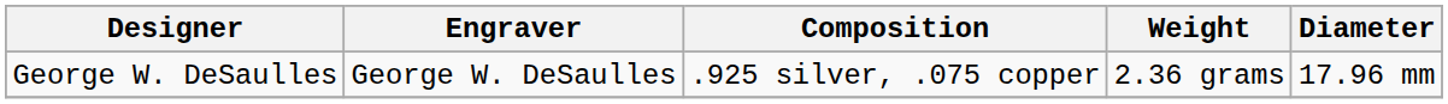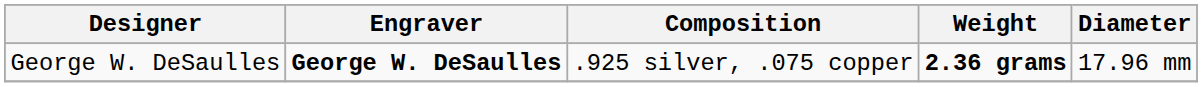 <table class="wikitable">
 <tr>
 <th>Designer</th>
 <th>Engraver</th>
 <th>Composition</th>
 <th>Weight</th>
 <th>Diameter</th>
 </tr>
 <tr>
 <td>George W. DeSaulles</td>
-<td>George W. DeSaulles</td>
+<td><strong>George W. DeSaulles</strong></td>
 <td>.925 silver, .075 copper</td>
-<td>2.36 grams</td>
+<td><strong>2.36 grams</strong></td>
 <td>17.96 mm</td>
 </tr>
 <tr>
 </tr>
 </table>
